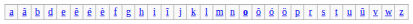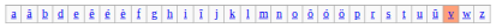 <table class="wikitable" style="margin:1em auto; border-collapse:collapse; text-align:center">
 <tr>
 </tr>
 <tr>
 <td width=3%><a href='#'>a</a></td>
 <td width=3%><a href='#'>â</a></td>
 <td width=3%><a href='#'>b</a></td>
 <td width=3%><a href='#'>d</a></td>
 <td width=3%><a href='#'>e</a></td>
 <td width=3%><a href='#'>ê</a></td>
 <td width=3%><a href='#'>é</a></td>
 <td width=3%><a href='#'>è</a></td>
 <td width=3%><a href='#'>f</a></td>
 <td width=3%><a href='#'>g</a></td>
 <td width=3%><a href='#'>h</a></td>
 <td width=3%><a href='#'>i</a></td>
 <td width=3%><a href='#'>î</a></td>
 <td width=3%><a href='#'>j</a></td>
 <td width=3%><a href='#'>k</a></td>
 <td width=3%><a href='#'>l</a></td>
 <td width=3%><a href='#'>m</a></td>
 <td width=3%><a href='#'>n</a></td>
-<td width=3%><strong><a href='#'>o</a></strong></td>
+<td width=3%><a href='#'>o</a></td>
 <td width=3%><a href='#'>ô</a></td>
 <td width=3%><a href='#'>ó</a></td>
 <td width=3%><a href='#'>ö</a></td>
 <td width=3%><a href='#'>p</a></td>
 <td width=3%><a href='#'>r</a></td>
 <td width=3%><a href='#'>s</a></td>
 <td width=3%><a href='#'>t</a></td>
 <td width=3%><a href='#'>u</a></td>
 <td width=3%><a href='#'>û</a></td>
-<td width=3%><a href='#'>v</a></td>
+<td width=3% style="background: lightsalmon;"><a href='#'>v</a></td>
 <td width=3%><a href='#'>w</a></td>
 <td width=3%><a href='#'>z</a></td>
 </tr>
 </table>
